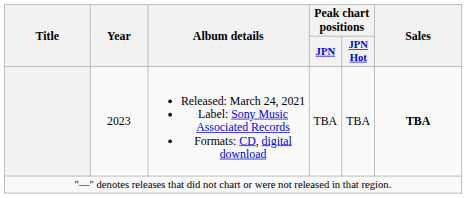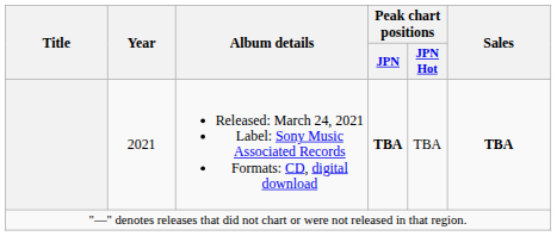 <table class="wikitable plainrowheaders" style="text-align:center; width:70%">
 <tr>
 <th scope="col" rowspan="2" style="width:12em;">Title</th>
 <th scope="col" rowspan="2" style="width:7em;">Year</th>
 <th scope="col" rowspan="2" style="width:20em;">Album details</th>
 <th scope="col" colspan="2">Peak chart positions</th>
 <th scope="col" rowspan="2" style="width:12em;">Sales</th>
 </tr>
 <tr>
 <th scope="col" style="width:3em;font-size:90%;"><a href='#'>JPN</a></th>
 <th scope="col" style="width:3em;font-size:90%;"><a href='#'>JPN<br>Hot</a></th>
 </tr>
 <tr>
 <th scope="row"></th>
-<td>2023</td>
+<td>2021</td>
 <td><br><ul><li>Released: March 24, 2021</li><li>Label: <a href='#'>Sony Music Associated Records</a></li><li>Formats: <a href='#'>CD</a>, <a href='#'>digital download</a></li></ul></td>
-<td>TBA</td>
+<td><strong>TBA</strong></td>
 <td>TBA</td>
 <td><strong>TBA</strong></td>
 </tr>
 <tr>
 <td colspan="6" style="font-size:90%;">"—" denotes releases that did not chart or were not released in that region.</td>
 </tr>
 </table>
